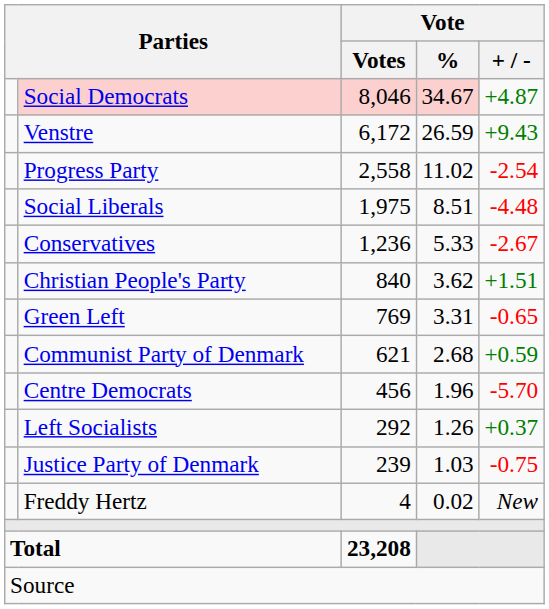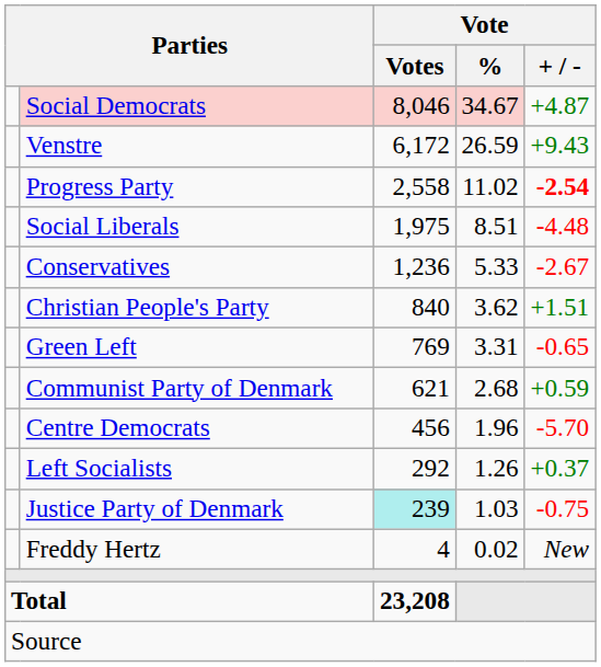 <table class="wikitable" style="text-align:right;">
 <tr>
 <th style="text-align:centre;" rowspan="2" colspan="2" width="225">Parties</th>
 <th colspan="3">Vote</th>
 </tr>
 <tr>
 <th width="15">Votes</th>
 <th width="15">%</th>
 <th width="15">+ / -</th>
 </tr>
 <tr>
 <td width="2" style="color:inherit;background:"></td>
 <td bgcolor=#fbd0ce  align="left"><a href='#'>Social Democrats</a></td>
 <td bgcolor=#fbd0ce>8,046</td>
 <td bgcolor=#fbd0ce>34.67</td>
 <td style=color:green;>+4.87</td>
 </tr>
 <tr>
 <td width="2" style="color:inherit;background:"></td>
 <td align="left"><a href='#'>Venstre</a></td>
 <td>6,172</td>
 <td>26.59</td>
 <td style=color:green;>+9.43</td>
 </tr>
 <tr>
 <td width="2" style="color:inherit;background:"></td>
 <td align="left"><a href='#'>Progress Party</a></td>
 <td>2,558</td>
 <td>11.02</td>
-<td style=color:red;>-2.54</td>
+<td style=color:red;><strong>-2.54</strong></td>
 </tr>
 <tr>
 <td width="2" style="color:inherit;background:"></td>
 <td align="left"><a href='#'>Social Liberals</a></td>
 <td>1,975</td>
 <td>8.51</td>
 <td style=color:red;>-4.48</td>
 </tr>
 <tr>
 <td width="2" style="color:inherit;background:"></td>
 <td align="left"><a href='#'>Conservatives</a></td>
 <td>1,236</td>
 <td>5.33</td>
 <td style=color:red;>-2.67</td>
 </tr>
 <tr>
 <td width="2" style="color:inherit;background:"></td>
 <td align="left"><a href='#'>Christian People's Party</a></td>
 <td>840</td>
 <td>3.62</td>
 <td style=color:green;>+1.51</td>
 </tr>
 <tr>
 <td width="2" style="color:inherit;background:"></td>
 <td align="left"><a href='#'>Green Left</a></td>
 <td>769</td>
 <td>3.31</td>
 <td style=color:red;>-0.65</td>
 </tr>
 <tr>
 <td width="2" style="color:inherit;background:"></td>
 <td align="left"><a href='#'>Communist Party of Denmark</a></td>
 <td>621</td>
 <td>2.68</td>
 <td style=color:green;>+0.59</td>
 </tr>
 <tr>
 <td width="2" style="color:inherit;background:"></td>
 <td align="left"><a href='#'>Centre Democrats</a></td>
 <td>456</td>
 <td>1.96</td>
 <td style=color:red;>-5.70</td>
 </tr>
 <tr>
 <td width="2" style="color:inherit;background:"></td>
 <td align="left"><a href='#'>Left Socialists</a></td>
 <td>292</td>
 <td>1.26</td>
 <td style=color:green;>+0.37</td>
 </tr>
 <tr>
 <td width="2" style="color:inherit;background:"></td>
 <td align="left"><a href='#'>Justice Party of Denmark</a></td>
-<td>239</td>
+<td style="background: paleturquoise;">239</td>
 <td>1.03</td>
 <td style=color:red;>-0.75</td>
 </tr>
 <tr>
 <td width="2" style="color:inherit;background:"></td>
 <td align="left">Freddy Hertz</td>
 <td>4</td>
 <td>0.02</td>
 <td><em>New</em></td>
 </tr>
 <tr>
 <td colspan="7" bgcolor="#E9E9E9"></td>
 </tr>
 <tr>
 <td align="left" colspan="2"><strong>Total</strong></td>
 <td><strong>23,208</strong></td>
 <td bgcolor="#E9E9E9" colspan="2"></td>
 </tr>
 <tr>
 <td align="left" colspan="6">Source</td>
 </tr>
 </table>
